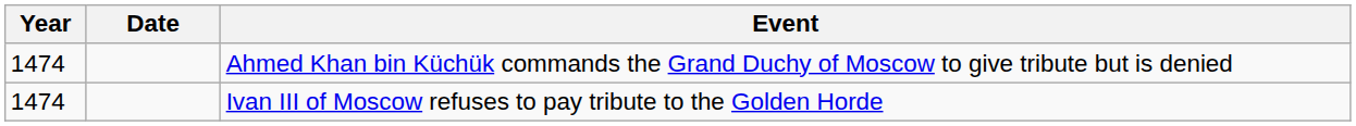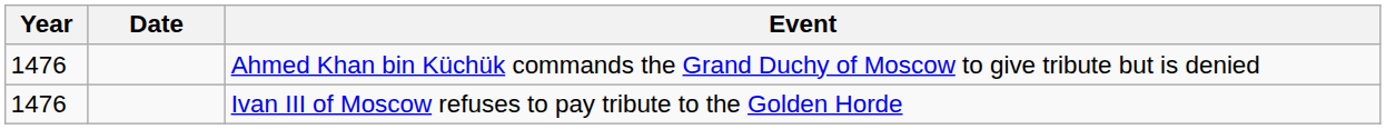 <table class="wikitable" width="100%">
 <tr>
 <th style="width:6%">Year</th>
 <th style="width:10%">Date</th>
 <th>Event</th>
 </tr>
 <tr>
-<td>1474</td>
+<td>1476</td>
 <td></td>
 <td><a href='#'>Ahmed Khan bin Küchük</a> commands the <a href='#'>Grand Duchy of Moscow</a> to give tribute but is denied</td>
 </tr>
 <tr>
-<td>1474</td>
+<td>1476</td>
 <td></td>
 <td><a href='#'>Ivan III of Moscow</a> refuses to pay tribute to the <a href='#'>Golden Horde</a></td>
 </tr>
 </table>
